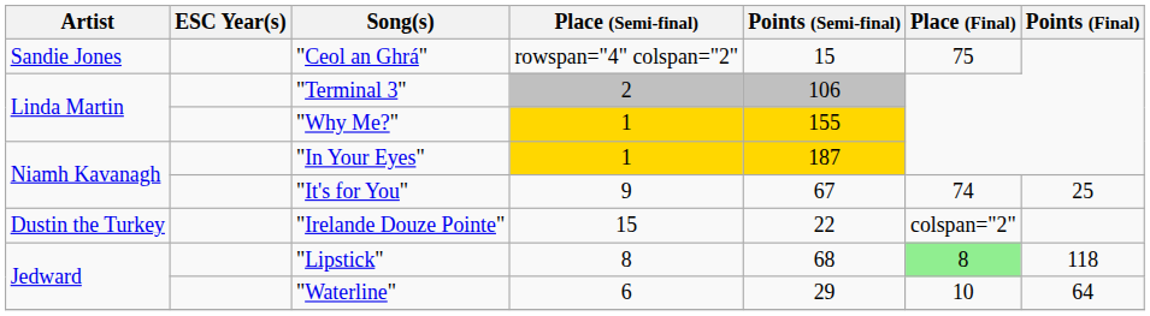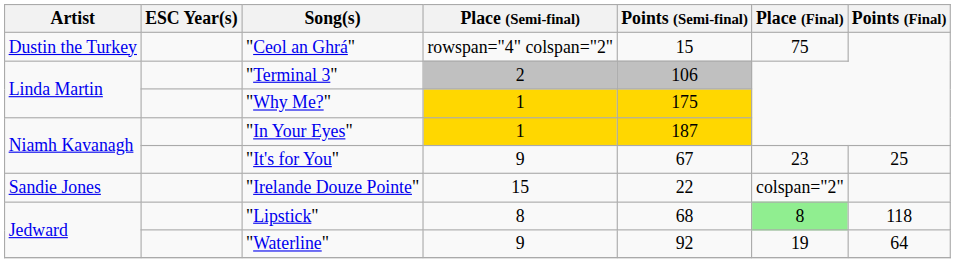 <table class="wikitable">
 <tr>
 <th>Artist</th>
 <th>ESC Year(s)</th>
 <th>Song(s)</th>
 <th>Place <small>(Semi-final)</small></th>
 <th>Points <small>(Semi-final)</small></th>
 <th>Place <small>(Final)</small></th>
 <th>Points <small>(Final)</small></th>
 </tr>
 <tr>
-<td><a href='#'>Sandie Jones</a></td>
+<td><a href='#'>Dustin the Turkey</a></td>
 <td align=center></td>
 <td>"<a href='#'>Ceol an Ghrá</a>"</td>
 <td>rowspan="4" colspan="2" </td>
 <td align=center>15</td>
 <td align=center>75</td>
 </tr>
 <tr>
 <td rowspan="2"><a href='#'>Linda Martin</a></td>
 <td align=center></td>
 <td>"<a href='#'>Terminal 3</a>"</td>
 <td bgcolor="silver" align=center>2</td>
 <td bgcolor="silver" align=center>106</td>
 </tr>
 <tr>
 <td align=center></td>
 <td>"<a href='#'>Why Me?</a>"</td>
 <td bgcolor="gold" align=center>1</td>
-<td bgcolor="gold" align=center>155</td>
+<td bgcolor="gold" align=center>175</td>
 </tr>
 <tr>
 <td rowspan="2"><a href='#'>Niamh Kavanagh</a></td>
 <td align=center></td>
 <td>"<a href='#'>In Your Eyes</a>"</td>
 <td bgcolor="gold" align=center>1</td>
 <td bgcolor="gold" align=center>187</td>
 </tr>
 <tr>
 <td align=center></td>
 <td>"<a href='#'>It's for You</a>"</td>
 <td align=center>9</td>
 <td align=center>67</td>
-<td align=center>74</td>
+<td align=center>23</td>
 <td align=center>25</td>
 </tr>
 <tr>
-<td><a href='#'>Dustin the Turkey</a></td>
+<td><a href='#'>Sandie Jones</a></td>
 <td align=center></td>
 <td>"<a href='#'>Irelande Douze Pointe</a>"</td>
 <td align=center>15</td>
 <td align=center>22</td>
 <td>colspan="2" </td>
 </tr>
 <tr>
 <td rowspan="2"><a href='#'>Jedward</a></td>
 <td align=center></td>
 <td>"<a href='#'>Lipstick</a>"</td>
 <td align=center>8</td>
 <td align=center>68</td>
 <td align=center style="background: lightgreen;">8</td>
 <td align=center>118</td>
 </tr>
 <tr>
 <td align=center></td>
 <td>"<a href='#'>Waterline</a>"</td>
-<td align=center>6</td>
-<td align=center>29</td>
-<td align=center>10</td>
+<td align=center>9</td>
+<td align=center>92</td>
+<td align=center>19</td>
 <td align=center>64</td>
 </tr>
 <tr>
 </tr>
 </table>
